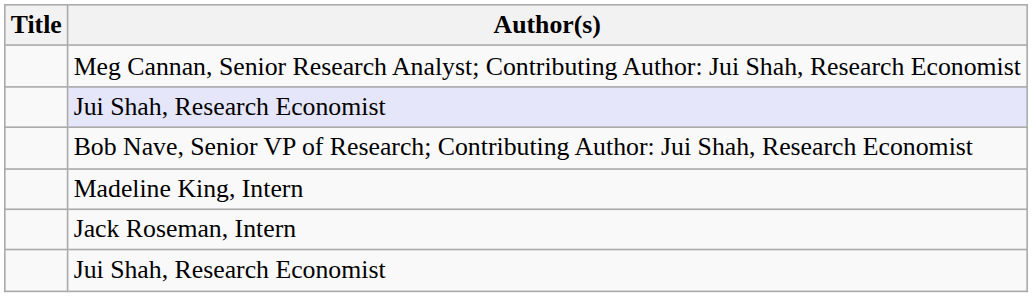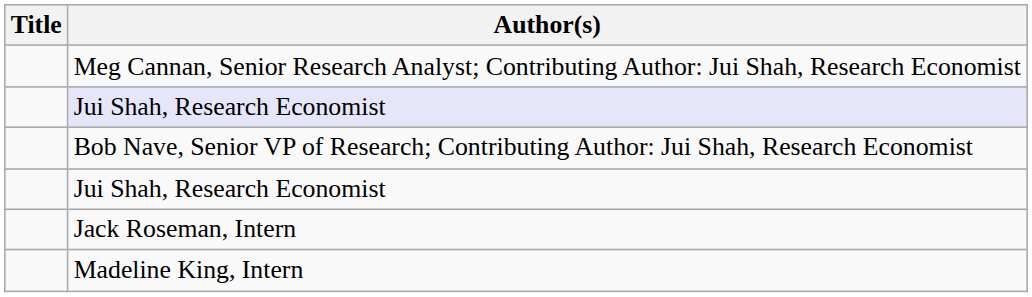 <table class="wikitable sortable">
 <tr>
 <th>Title</th>
 <th>Author(s)</th>
 </tr>
 <tr>
 <td><em></em></td>
 <td>Meg Cannan, Senior Research Analyst; Contributing Author: Jui Shah, Research Economist</td>
 </tr>
 <tr>
 <td><em></em></td>
 <td style="background: lavender;">Jui Shah, Research Economist</td>
 </tr>
 <tr>
 <td><em></em></td>
 <td>Bob Nave, Senior VP of Research; Contributing Author: Jui Shah, Research Economist</td>
 </tr>
 <tr>
 <td><em></em></td>
-<td>Madeline King, Intern</td>
+<td>Jui Shah, Research Economist</td>
 </tr>
 <tr>
 <td><em></em></td>
 <td>Jack Roseman, Intern</td>
 </tr>
 <tr>
 <td><em></em></td>
-<td>Jui Shah, Research Economist</td>
+<td>Madeline King, Intern</td>
 </tr>
 </table>
